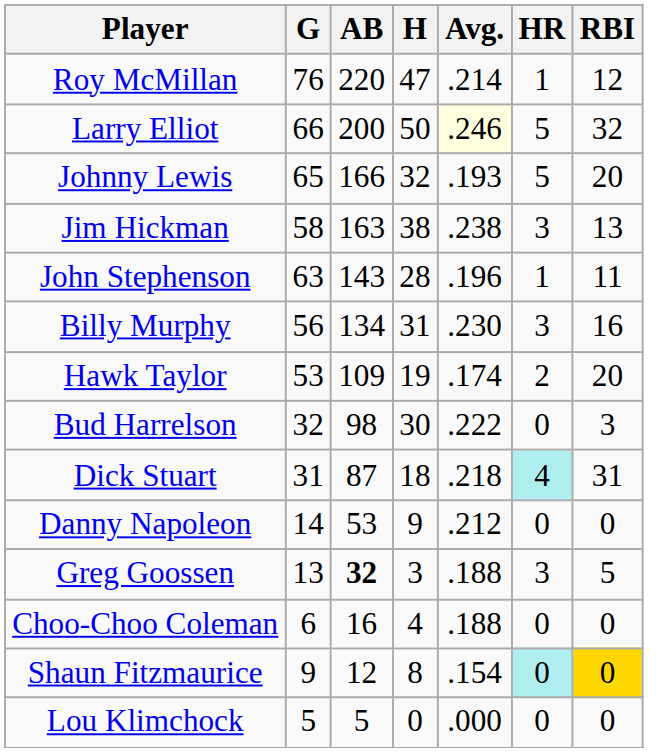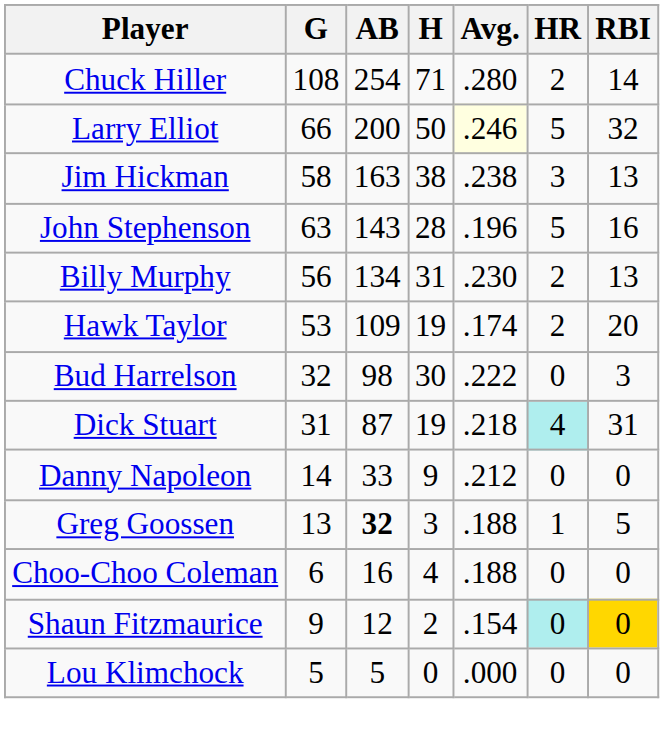 <table class="wikitable sortable">
 <tr>
 <th>Player</th>
 <th>G</th>
 <th>AB</th>
 <th>H</th>
 <th>Avg.</th>
 <th>HR</th>
 <th>RBI</th>
 </tr>
 <tr align="center">
-<td><a href='#'>Roy McMillan</a></td>
-<td>76</td>
-<td>220</td>
-<td>47</td>
-<td>.214</td>
-<td>1</td>
-<td>12</td>
+<td><a href='#'>Chuck Hiller</a></td>
+<td>108</td>
+<td>254</td>
+<td>71</td>
+<td>.280</td>
+<td>2</td>
+<td>14</td>
 </tr>
 <tr align="center">
 <td><a href='#'>Larry Elliot</a></td>
 <td>66</td>
 <td>200</td>
 <td>50</td>
 <td style="background: lightyellow;">.246</td>
 <td>5</td>
 <td>32</td>
-</tr>
-<tr align="center">
-<td><a href='#'>Johnny Lewis</a></td>
-<td>65</td>
-<td>166</td>
-<td>32</td>
-<td>.193</td>
-<td>5</td>
-<td>20</td>
 </tr>
 <tr align="center">
 <td><a href='#'>Jim Hickman</a></td>
 <td>58</td>
 <td>163</td>
 <td>38</td>
 <td>.238</td>
 <td>3</td>
 <td>13</td>
 </tr>
 <tr align="center">
 <td><a href='#'>John Stephenson</a></td>
 <td>63</td>
 <td>143</td>
 <td>28</td>
 <td>.196</td>
-<td>1</td>
-<td>11</td>
+<td>5</td>
+<td>16</td>
 </tr>
 <tr align="center">
 <td><a href='#'>Billy Murphy</a></td>
 <td>56</td>
 <td>134</td>
 <td>31</td>
 <td>.230</td>
-<td>3</td>
-<td>16</td>
+<td>2</td>
+<td>13</td>
 </tr>
 <tr align="center">
 <td><a href='#'>Hawk Taylor</a></td>
 <td>53</td>
 <td>109</td>
 <td>19</td>
 <td>.174</td>
 <td>2</td>
 <td>20</td>
 </tr>
 <tr align="center">
 <td><a href='#'>Bud Harrelson</a></td>
 <td>32</td>
 <td>98</td>
 <td>30</td>
 <td>.222</td>
 <td>0</td>
 <td>3</td>
 </tr>
 <tr align="center">
 <td><a href='#'>Dick Stuart</a></td>
 <td>31</td>
 <td>87</td>
-<td>18</td>
+<td>19</td>
 <td>.218</td>
 <td style="background: paleturquoise;">4</td>
 <td>31</td>
 </tr>
 <tr align="center">
 <td><a href='#'>Danny Napoleon</a></td>
 <td>14</td>
-<td>53</td>
+<td>33</td>
 <td>9</td>
 <td>.212</td>
 <td>0</td>
 <td>0</td>
 </tr>
 <tr align="center">
 <td><a href='#'>Greg Goossen</a></td>
 <td>13</td>
 <td><strong>32</strong></td>
 <td>3</td>
 <td>.188</td>
-<td>3</td>
+<td>1</td>
 <td>5</td>
 </tr>
 <tr align="center">
 <td><a href='#'>Choo-Choo Coleman</a></td>
 <td>6</td>
 <td>16</td>
 <td>4</td>
 <td>.188</td>
 <td>0</td>
 <td>0</td>
 </tr>
 <tr align="center">
 <td><a href='#'>Shaun Fitzmaurice</a></td>
 <td>9</td>
 <td>12</td>
-<td>8</td>
+<td>2</td>
 <td>.154</td>
 <td style="background: paleturquoise;">0</td>
 <td style="background: gold;">0</td>
 </tr>
 <tr align="center">
 <td><a href='#'>Lou Klimchock</a></td>
 <td>5</td>
 <td>5</td>
 <td>0</td>
 <td>.000</td>
 <td>0</td>
 <td>0</td>
 </tr>
 </table>
